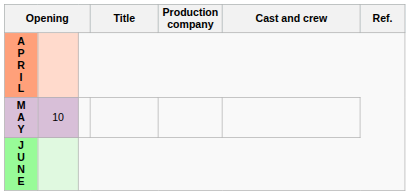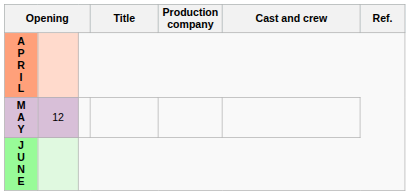 <table class="wikitable sortable">
 <tr style="background:#b0e0e6; text-align:center"y>
 <th colspan="3">Opening</th>
 <th style="width:17%">Title</th>
 <th style="width:16%">Production company</th>
 <th>Cast and crew</th>
 <th>Ref.</th>
 </tr>
 <tr>
 <th rowspan="1" style="text-align:center; background:#ffa07a; textcolor:#000;">A<br>P<br>R<br>I<br>L</th>
 <td style="text-align:center; background:#ffdacc;"></td>
 </tr>
 <tr>
 <th rowspan="1" style="text-align:center; background:thistle; textcolor:#000;">M<br>A<br>Y</th>
-<td rowspan="1" style="text-align:center; background:thistle; textcolor:#000;">10</td>
+<td rowspan="1" style="text-align:center; background:thistle; textcolor:#000;">12</td>
 <td></td>
 <td></td>
 <td></td>
 <td></td>
 </tr>
 <tr>
 <th rowspan="1" style="text-align:center; background:#98fb98; textcolor:#000;">J<br>U<br>N<br>E</th>
 <td rowspan="1" style="text-align:center; background:#e0f9e0;"></td>
 </tr>
 </table>
